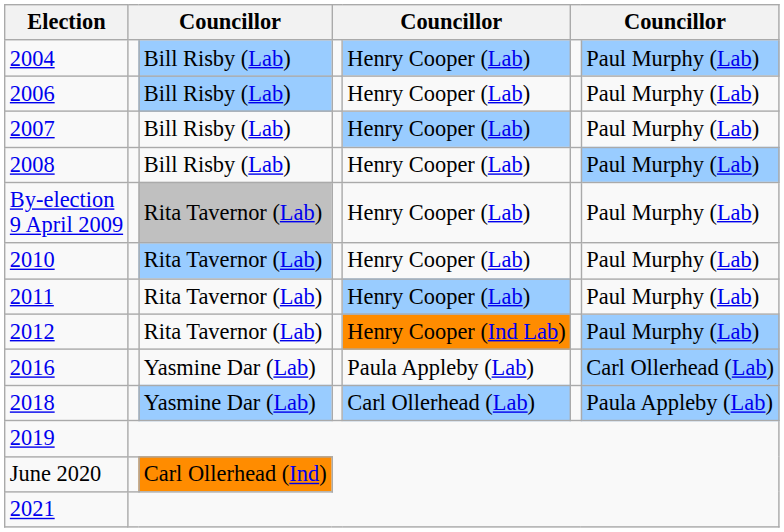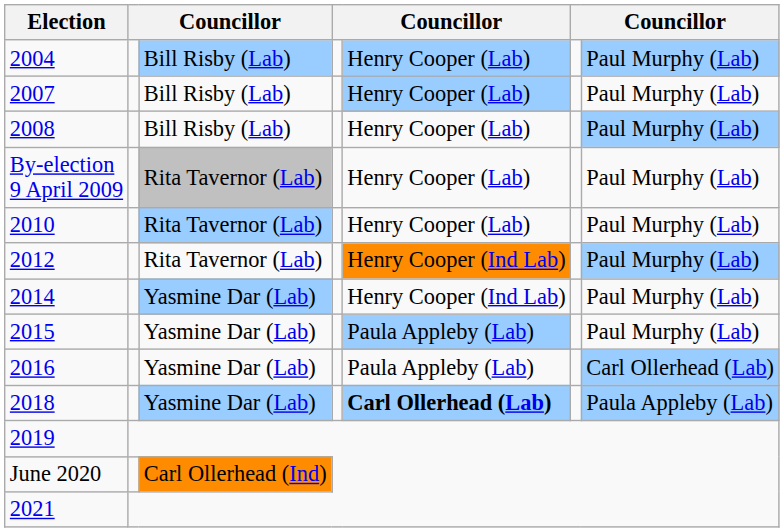 <table class="wikitable">
 <tr>
 <th>Election</th>
 <th colspan="2">Councillor</th>
 <th colspan="2">Councillor</th>
 <th colspan="2">Councillor</th>
 </tr>
 <tr>
 <td><a href='#'>2004</a></td>
 <td style="background-color: "></td>
 <td bgcolor="#99CCFF">Bill Risby (<a href='#'>Lab</a>)</td>
 <td style="background-color: "></td>
 <td bgcolor="#99CCFF">Henry Cooper (<a href='#'>Lab</a>)</td>
 <td style="background-color: "></td>
 <td bgcolor="#99CCFF">Paul Murphy (<a href='#'>Lab</a>)</td>
-</tr>
-<tr>
-<td><a href='#'>2006</a></td>
-<td style="background-color: "></td>
-<td bgcolor="#99CCFF">Bill Risby (<a href='#'>Lab</a>)</td>
-<td style="background-color: "></td>
-<td>Henry Cooper (<a href='#'>Lab</a>)</td>
-<td style="background-color: "></td>
-<td>Paul Murphy (<a href='#'>Lab</a>)</td>
 </tr>
 <tr>
 <td><a href='#'>2007</a></td>
 <td style="background-color: "></td>
 <td>Bill Risby (<a href='#'>Lab</a>)</td>
 <td style="background-color: "></td>
 <td bgcolor="#99CCFF">Henry Cooper (<a href='#'>Lab</a>)</td>
 <td style="background-color: "></td>
 <td>Paul Murphy (<a href='#'>Lab</a>)</td>
 </tr>
 <tr>
 <td><a href='#'>2008</a></td>
 <td style="background-color: "></td>
 <td>Bill Risby (<a href='#'>Lab</a>)</td>
 <td style="background-color: "></td>
 <td>Henry Cooper (<a href='#'>Lab</a>)</td>
 <td style="background-color: "></td>
 <td bgcolor="#99CCFF">Paul Murphy (<a href='#'>Lab</a>)</td>
 </tr>
 <tr>
 <td><a href='#'>By-election<br>9 April 2009</a></td>
 <td style="background-color: "></td>
 <td bgcolor="#C0C0C0">Rita Tavernor (<a href='#'>Lab</a>)</td>
 <td style="background-color: "></td>
 <td>Henry Cooper (<a href='#'>Lab</a>)</td>
 <td style="background-color: "></td>
 <td>Paul Murphy (<a href='#'>Lab</a>)</td>
 </tr>
 <tr>
 <td><a href='#'>2010</a></td>
 <td style="background-color: "></td>
 <td bgcolor="#99CCFF">Rita Tavernor (<a href='#'>Lab</a>)</td>
 <td style="background-color: "></td>
 <td>Henry Cooper (<a href='#'>Lab</a>)</td>
 <td style="background-color: "></td>
 <td>Paul Murphy (<a href='#'>Lab</a>)</td>
 </tr>
 <tr>
-<td><a href='#'>2011</a></td>
-<td style="background-color: "></td>
-<td>Rita Tavernor (<a href='#'>Lab</a>)</td>
-<td style="background-color: "></td>
-<td bgcolor="#99CCFF">Henry Cooper (<a href='#'>Lab</a>)</td>
-<td style="background-color: "></td>
-<td>Paul Murphy (<a href='#'>Lab</a>)</td>
-</tr>
-<tr>
 <td><a href='#'>2012</a></td>
 <td style="background-color: "></td>
 <td>Rita Tavernor (<a href='#'>Lab</a>)</td>
 <td style="background-color: "></td>
 <td bgcolor="#FF8C00">Henry Cooper (<a href='#'>Ind Lab</a>)</td>
 <td style="background-color: "></td>
 <td bgcolor="#99CCFF">Paul Murphy (<a href='#'>Lab</a>)</td>
+</tr>
+<tr>
+<td><a href='#'>2014</a></td>
+<td style="background-color: "></td>
+<td bgcolor="#99CCFF">Yasmine Dar (<a href='#'>Lab</a>)</td>
+<td style="background-color: "></td>
+<td>Henry Cooper (<a href='#'>Ind Lab</a>)</td>
+<td style="background-color: "></td>
+<td>Paul Murphy (<a href='#'>Lab</a>)</td>
+</tr>
+<tr>
+<td><a href='#'>2015</a></td>
+<td style="background-color: "></td>
+<td>Yasmine Dar (<a href='#'>Lab</a>)</td>
+<td style="background-color: "></td>
+<td bgcolor="#99CCFF">Paula Appleby (<a href='#'>Lab</a>)</td>
+<td style="background-color: "></td>
+<td>Paul Murphy (<a href='#'>Lab</a>)</td>
 </tr>
 <tr>
 <td><a href='#'>2016</a></td>
 <td style="background-color: "></td>
 <td>Yasmine Dar (<a href='#'>Lab</a>)</td>
 <td style="background-color: "></td>
 <td>Paula Appleby (<a href='#'>Lab</a>)</td>
 <td style="background-color: "></td>
 <td bgcolor="#99CCFF">Carl Ollerhead (<a href='#'>Lab</a>)</td>
 </tr>
 <tr>
 <td><a href='#'>2018</a></td>
 <td style="background-color: "></td>
 <td bgcolor="#99CCFF">Yasmine Dar (<a href='#'>Lab</a>)</td>
 <td style="background-color: "></td>
-<td bgcolor="#99CCFF">Carl Ollerhead (<a href='#'>Lab</a>)</td>
+<td bgcolor="#99CCFF"><strong>Carl Ollerhead (<a href='#'>Lab</a>)</strong></td>
 <td style="background-color: "></td>
 <td bgcolor="#99CCFF">Paula Appleby (<a href='#'>Lab</a>)</td>
 </tr>
 <tr>
 <td><a href='#'>2019</a><br>  </td>
 </tr>
 <tr>
 <td>June 2020<br></td>
 <td style="background-color: "></td>
 <td bgcolor="#FF8C00">Carl Ollerhead (<a href='#'>Ind</a>)<br></td>
 </tr>
 <tr>
 <td><a href='#'>2021</a><br>  </td>
 </tr>
 </table>
